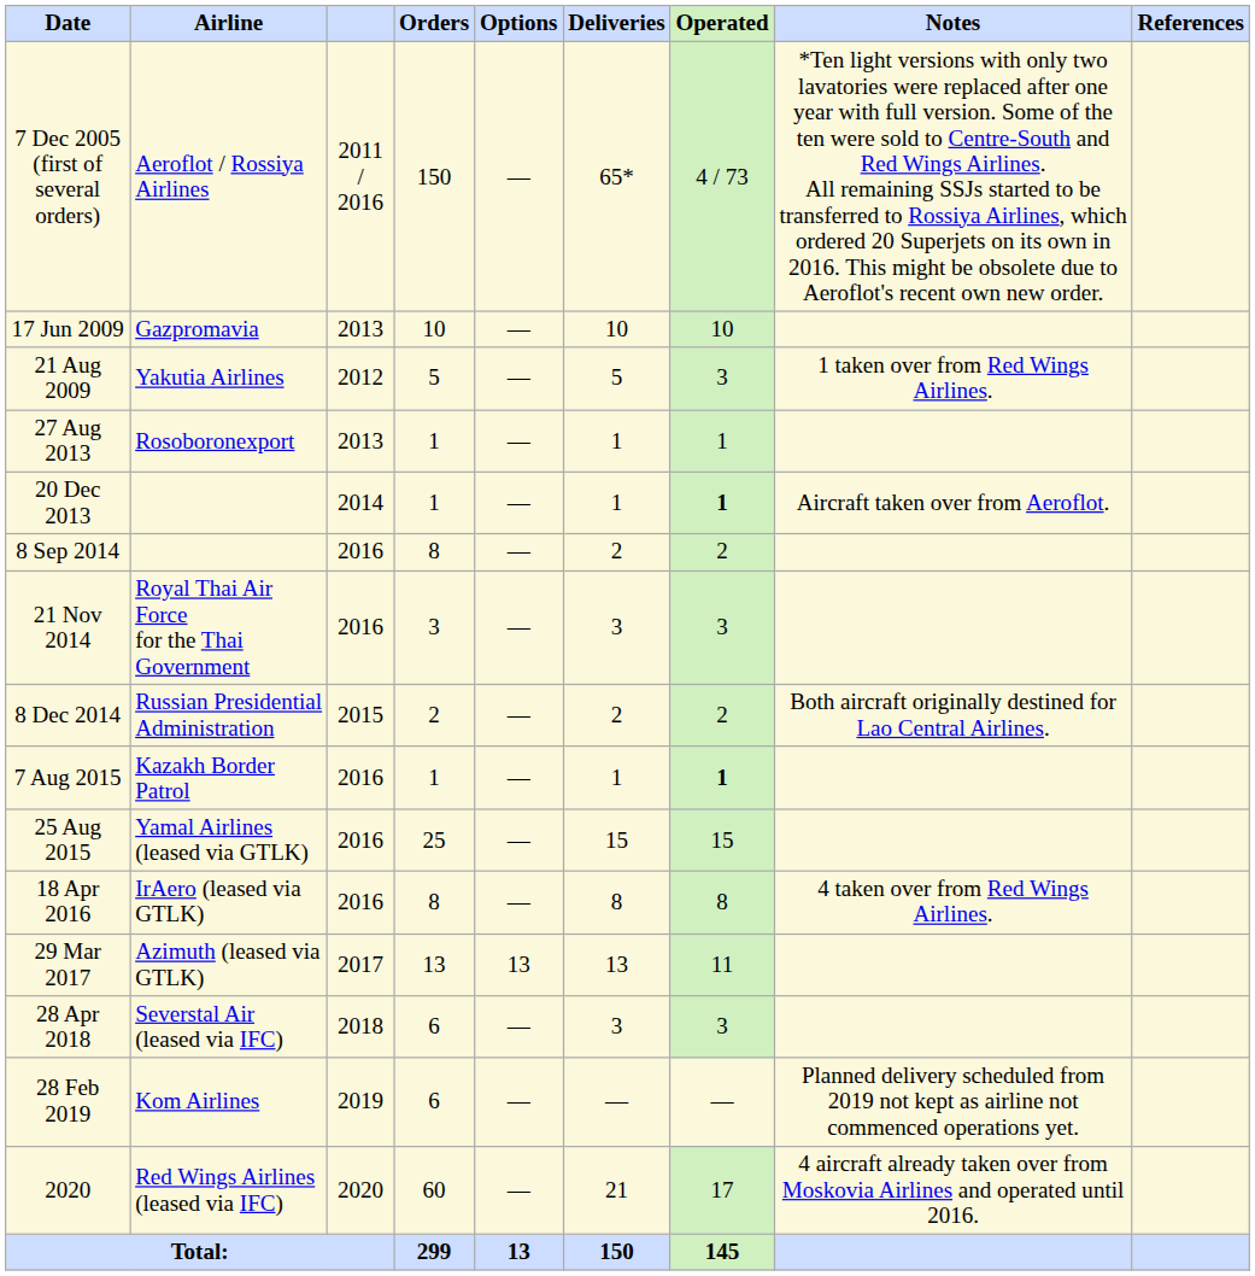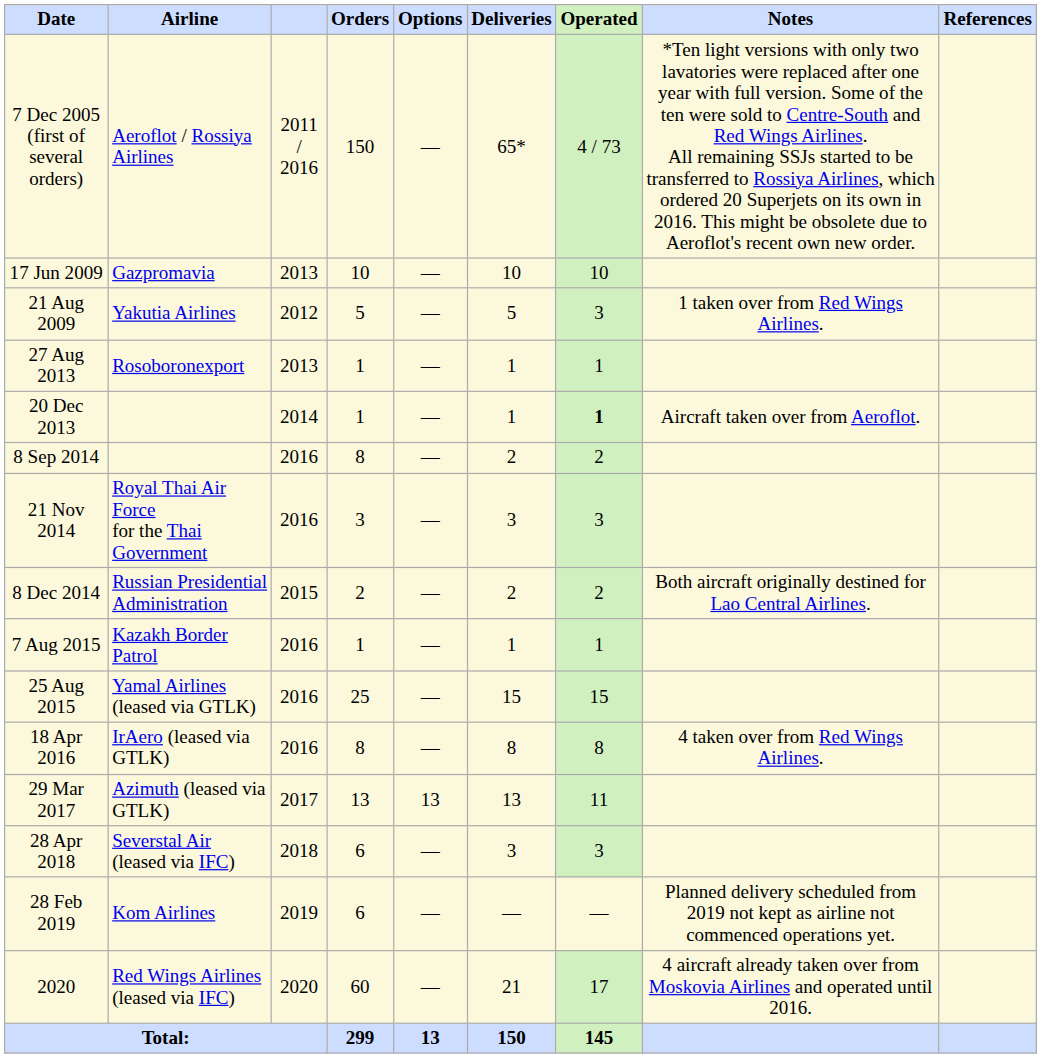 <table class="wikitable sortable" style="text-align:center; background:#fbf8db;">
 <tr>
 <th Style="width: 10%; background-color:#ccddff;" data-sort-type="date">Date</th>
 <th style="background-color:#ccddff;">Airline</th>
 <th style="background-color:#ccddff;"> <br></th>
 <th style="background-color:#ccddff;" data-sort-type="number">Orders</th>
 <th style="background-color:#ccddff;" data-sort-type="number">Options</th>
 <th style="background-color:#ccddff;" data-sort-type="number">Deliveries</th>
 <th style="background-color:#d0f0c0;" data-sort-type="number">Operated</th>
 <th style="background-color:#ccddff;" class="unsortable">Notes</th>
 <th style="background-color:#ccddff;" class="unsortable">References</th>
 </tr>
 <tr>
 <td>7 Dec 2005 (first of several orders)</td>
 <td Align="left"> <a href='#'>Aeroflot</a> / <a href='#'>Rossiya Airlines</a></td>
 <td>2011 / 2016</td>
 <td Style="text-align: center;">150</td>
 <td Style="text-align: center;">—</td>
 <td Style="text-align: center;">65*</td>
 <td Style="text-align: center; background-color:#d0f0c0">4 / 73</td>
 <td Style="text-align: center;">*Ten light versions with only two lavatories were replaced after one year with full version. Some of the ten were sold to <a href='#'>Centre-South</a> and <a href='#'>Red Wings Airlines</a>. <br>All remaining SSJs started to be transferred to <a href='#'>Rossiya Airlines</a>, which ordered 20 Superjets on its own in 2016. This might be obsolete due to Aeroflot's recent own new order.</td>
 <td></td>
 </tr>
 <tr>
 <td>17 Jun 2009</td>
 <td Align="left"> <a href='#'>Gazpromavia</a></td>
 <td>2013</td>
 <td Style="text-align: center;">10</td>
 <td Style="text-align: center;">—</td>
 <td Style="text-align: center;">10</td>
 <td Style="text-align: center; background-color:#d0f0c0">10</td>
 <td Style="text-align: center;"></td>
 <td></td>
 </tr>
 <tr>
 <td>21 Aug 2009</td>
 <td Align="left"> <a href='#'>Yakutia Airlines</a></td>
 <td>2012</td>
 <td Style="text-align: center;">5</td>
 <td Style="text-align: center;">—</td>
 <td Style="text-align: center;">5</td>
 <td Style="text-align: center; background-color:#d0f0c0">3</td>
 <td Style="text-align: center;">1 taken over from <a href='#'>Red Wings Airlines</a>.</td>
 <td></td>
 </tr>
 <tr>
 <td>27 Aug 2013</td>
 <td Align="left"> <a href='#'>Rosoboronexport</a></td>
 <td>2013</td>
 <td Style="text-align: center;">1</td>
 <td Style="text-align: center;">—</td>
 <td Style="text-align: center;">1</td>
 <td Style="text-align: center; background-color:#d0f0c0">1</td>
 <td Style="text-align: center;"></td>
 <td></td>
 </tr>
 <tr>
 <td>20 Dec 2013</td>
 <td Align="left"></td>
 <td>2014</td>
 <td Style="text-align: center;">1</td>
 <td Style="text-align: center;">—</td>
 <td Style="text-align: center;">1</td>
 <td Style="text-align: center; background-color:#d0f0c0"><strong>1</strong></td>
 <td Style="text-align: center;">Aircraft taken over from <a href='#'>Aeroflot</a>.</td>
 <td></td>
 </tr>
 <tr>
 <td>8 Sep 2014</td>
 <td Align="left"></td>
 <td>2016</td>
 <td Style="text-align: center;">8</td>
 <td Style="text-align: center;">—</td>
 <td Style="text-align: center;">2</td>
 <td Style="text-align: center; background-color:#d0f0c0">2</td>
 <td Style="text-align: center;"></td>
 <td></td>
 </tr>
 <tr>
 <td>21 Nov 2014</td>
 <td Align="left"> <a href='#'>Royal Thai Air Force</a><br> for the <a href='#'>Thai Government</a></td>
 <td>2016</td>
 <td Style="text-align: center;">3</td>
 <td Style="text-align: center;">—</td>
 <td Style="text-align: center;">3</td>
 <td Style="text-align: center; background-color:#d0f0c0">3</td>
 <td Style="text-align: center;"></td>
 <td></td>
 </tr>
 <tr>
 <td>8 Dec 2014</td>
 <td Align="left"> <a href='#'>Russian Presidential Administration</a></td>
 <td>2015</td>
 <td Style="text-align: center;">2</td>
 <td Style="text-align: center;">—</td>
 <td Style="text-align: center;">2</td>
 <td Style="text-align: center; background-color:#d0f0c0">2</td>
 <td Style="text-align: center;">Both aircraft originally destined for <a href='#'>Lao Central Airlines</a>.</td>
 <td></td>
 </tr>
 <tr>
 <td>7 Aug 2015</td>
 <td Align="left"> <a href='#'>Kazakh Border Patrol</a></td>
 <td>2016</td>
 <td Style="text-align: center;">1</td>
 <td Style="text-align: center;">—</td>
 <td Style="text-align: center;">1</td>
-<td Style="text-align: center; background-color:#d0f0c0"><strong>1</strong></td>
+<td Style="text-align: center; background-color:#d0f0c0">1</td>
 <td Style="text-align: center;"></td>
 <td></td>
 </tr>
 <tr>
 <td>25 Aug 2015</td>
 <td Align="left"> <a href='#'>Yamal Airlines</a> (leased via GTLK)</td>
 <td>2016</td>
 <td Style="text-align: center;">25</td>
 <td Style="text-align: center;">—</td>
 <td Style="text-align: center;">15</td>
 <td Style="text-align: center; background-color:#d0f0c0">15</td>
 <td Style="text-align: center;"></td>
 <td></td>
 </tr>
 <tr>
 <td>18 Apr 2016</td>
 <td Align="left"> <a href='#'>IrAero</a> (leased via GTLK)</td>
 <td>2016</td>
 <td Style="text-align: center;">8</td>
 <td Style="text-align: center;">—</td>
 <td Style="text-align: center;">8</td>
 <td Style="text-align: center; background-color:#d0f0c0">8</td>
 <td Style="text-align: center;">4 taken over from <a href='#'>Red Wings Airlines</a>.</td>
 <td></td>
 </tr>
 <tr>
 <td>29 Mar 2017</td>
 <td Align="left"> <a href='#'>Azimuth</a> (leased via GTLK)</td>
 <td>2017</td>
 <td Style="text-align: center;">13</td>
 <td Style="text-align: center;">13</td>
 <td Style="text-align: center;">13</td>
 <td Style="text-align: center; background-color:#d0f0c0">11</td>
 <td Style="text-align: center;"></td>
 <td></td>
 </tr>
 <tr>
 <td>28 Apr 2018</td>
 <td Align="left"> <a href='#'>Severstal Air</a> (leased via <a href='#'>IFC</a>)</td>
 <td>2018</td>
 <td Style="text-align: center;">6</td>
 <td Style="text-align: center;">—</td>
 <td Style="text-align: center;">3</td>
 <td Style="text-align: center; background-color:#d0f0c0">3</td>
 <td Style="text-align: center;"></td>
 <td></td>
 </tr>
 <tr>
 <td>28 Feb 2019</td>
 <td Align="left"> <a href='#'>Kom Airlines</a></td>
 <td>2019</td>
 <td>6</td>
 <td>—</td>
 <td>—</td>
 <td>—</td>
 <td>Planned delivery scheduled from 2019 not kept as airline not commenced operations yet.</td>
 <td></td>
 </tr>
 <tr>
 <td>2020</td>
 <td Align="left"> <a href='#'>Red Wings Airlines</a> (leased via <a href='#'>IFC</a>)</td>
 <td>2020</td>
 <td Style="text-align: center;">60</td>
 <td Style="text-align: center;">—</td>
 <td Style="text-align: center;">21</td>
 <td Style="text-align: center; background-color:#d0f0c0">17</td>
 <td Style="text-align: center;">4 aircraft already taken over from <a href='#'>Moskovia Airlines</a> and operated until 2016.</td>
 <td></td>
 </tr>
 <tr>
 <th Style="background-color:#ccddff;" colspan="3">Total:</th>
 <th style="text-align: center; background-color:#ccddff">299</th>
 <th style="text-align: center; background-color:#ccddff">13</th>
 <th style="text-align: center; background-color:#ccddff">150</th>
 <th style="text-align: center; background-color:#d0f0c0">145</th>
 <th style="background-color:#ccddff; text-align: center;"></th>
 <th style="background-color:#ccddff; text-align: center;"></th>
 </tr>
 </table>
